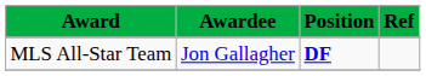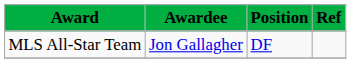 <table class="wikitable">
 <tr>
 <th style="background-color:#00AE42; color:#000000">Award</th>
 <th style="background-color:#00AE42; color:#000000">Awardee</th>
 <th style="background-color:#00AE42; color:#000000">Position</th>
 <th style="background-color:#00AE42; color:#000000">Ref</th>
 </tr>
 <tr>
 </tr>
 <tr>
 <td>MLS All-Star Team</td>
 <td> <a href='#'>Jon Gallagher</a></td>
-<td><strong><a href='#'>DF</a></strong></td>
+<td><a href='#'>DF</a></td>
 <td style="text-align: center;"></td>
 </tr>
 <tr>
 </tr>
 </table>
